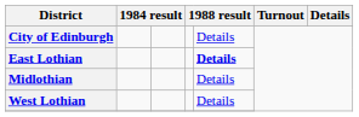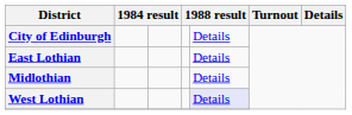 <table class="wikitable">
 <tr>
 <th scope="col">District</th>
 <th scope="col" colspan="2">1984 result</th>
 <th scope="col" colspan="2">1988 result</th>
 <th scope="col">Turnout</th>
 <th scope="col">Details</th>
 </tr>
 <tr>
 <th scope="row" style="text-align: left;"><a href='#'>City of Edinburgh</a></th>
 <td></td>
 <td></td>
 <td></td>
 <td><a href='#'>Details</a></td>
 </tr>
 <tr>
 <th scope="row" style="text-align: left;"><a href='#'>East Lothian</a></th>
 <td></td>
 <td></td>
 <td></td>
-<td><strong><a href='#'>Details</a></strong></td>
+<td><a href='#'>Details</a></td>
 </tr>
 <tr>
 <th scope="row" style="text-align: left;"><a href='#'>Midlothian</a></th>
 <td></td>
 <td></td>
 <td></td>
 <td><a href='#'>Details</a></td>
 </tr>
 <tr>
 <th scope="row" style="text-align: left;"><a href='#'>West Lothian</a></th>
 <td></td>
 <td></td>
 <td></td>
-<td><a href='#'>Details</a></td>
+<td style="background: lavender;"><a href='#'>Details</a></td>
 </tr>
 <tr>
 </tr>
 </table>
